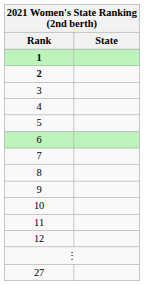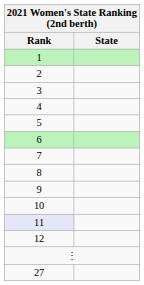 <table class="wikitable" style="text-align:center">
 <tr>
 <th colspan=2>2021 Women's State Ranking<br>(2nd berth)</th>
 </tr>
 <tr>
 <th>Rank</th>
 <th>State</th>
 </tr>
 <tr>
-<td bgcolor=#BBF3BB><strong>1</strong></td>
+<td bgcolor=#BBF3BB>1</td>
 <td bgcolor=#BBF3BB align=left></td>
 </tr>
 <tr>
-<td><strong>2</strong></td>
+<td>2</td>
 <td align=left></td>
 </tr>
 <tr>
 <td>3</td>
 <td align=left></td>
 </tr>
 <tr>
 <td>4</td>
 <td align=left></td>
 </tr>
 <tr>
 <td>5</td>
 <td align=left></td>
 </tr>
 <tr>
 <td bgcolor=#BBF3BB>6</td>
 <td bgcolor=#BBF3BB align=left></td>
 </tr>
 <tr>
 <td>7</td>
 <td align=left></td>
 </tr>
 <tr>
 <td>8</td>
 <td align=left></td>
 </tr>
 <tr>
 <td>9</td>
 <td align=left></td>
 </tr>
 <tr>
 <td>10</td>
 <td align=left></td>
 </tr>
 <tr>
-<td>11</td>
+<td style="background: lavender;">11</td>
 <td align=left></td>
 </tr>
 <tr>
 <td>12</td>
 <td align=left></td>
 </tr>
 <tr>
 <td colspan=2>⋮</td>
 </tr>
 <tr>
 <td>27</td>
 <td align=left></td>
 </tr>
 </table>
